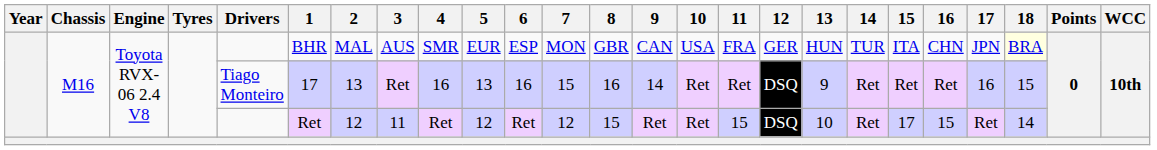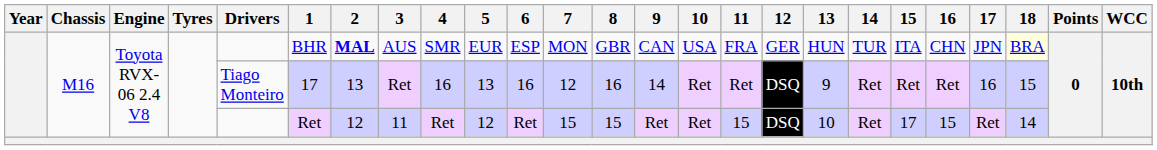 <table class="wikitable" style="text-align:center; font-size:85%">
 <tr>
 <th>Year</th>
 <th>Chassis</th>
 <th>Engine</th>
 <th>Tyres</th>
 <th>Drivers</th>
 <th>1</th>
 <th>2</th>
 <th>3</th>
 <th>4</th>
 <th>5</th>
 <th>6</th>
 <th>7</th>
 <th>8</th>
 <th>9</th>
 <th>10</th>
 <th>11</th>
 <th>12</th>
 <th>13</th>
 <th>14</th>
 <th>15</th>
 <th>16</th>
 <th>17</th>
 <th>18</th>
 <th>Points</th>
 <th>WCC</th>
 </tr>
 <tr>
 <th rowspan="3"></th>
 <td rowspan="3"><a href='#'>M16</a></td>
 <td rowspan="3"><a href='#'>Toyota</a> RVX-06 2.4 <a href='#'>V8</a></td>
 <td rowspan="3"></td>
 <td></td>
 <td><a href='#'>BHR</a></td>
-<td><a href='#'>MAL</a></td>
+<td><strong><a href='#'>MAL</a></strong></td>
 <td><a href='#'>AUS</a></td>
 <td><a href='#'>SMR</a></td>
 <td><a href='#'>EUR</a></td>
 <td><a href='#'>ESP</a></td>
 <td><a href='#'>MON</a></td>
 <td><a href='#'>GBR</a></td>
 <td><a href='#'>CAN</a></td>
 <td><a href='#'>USA</a></td>
 <td><a href='#'>FRA</a></td>
 <td><a href='#'>GER</a></td>
 <td><a href='#'>HUN</a></td>
 <td><a href='#'>TUR</a></td>
 <td><a href='#'>ITA</a></td>
 <td><a href='#'>CHN</a></td>
 <td><a href='#'>JPN</a></td>
 <td style="background: lightyellow;"><a href='#'>BRA</a></td>
 <th rowspan="3">0</th>
 <th rowspan="3">10th</th>
 </tr>
 <tr>
 <td align="left"> <a href='#'>Tiago Monteiro</a></td>
 <td style="background:#CFCFFF;">17</td>
 <td style="background:#CFCFFF;">13</td>
 <td style="background:#EFCFFF;">Ret</td>
 <td style="background:#CFCFFF;">16</td>
 <td style="background:#CFCFFF;">13</td>
 <td style="background:#CFCFFF;">16</td>
-<td style="background:#CFCFFF;">15</td>
+<td style="background:#CFCFFF;">12</td>
 <td style="background:#CFCFFF;">16</td>
 <td style="background:#CFCFFF;">14</td>
 <td style="background:#EFCFFF;">Ret</td>
 <td style="background:#EFCFFF;">Ret</td>
 <td style="background:#000000; color:white">DSQ</td>
 <td style="background:#CFCFFF;">9</td>
 <td style="background:#EFCFFF;">Ret</td>
 <td style="background:#EFCFFF;">Ret</td>
 <td style="background:#EFCFFF;">Ret</td>
 <td style="background:#CFCFFF;">16</td>
 <td style="background:#CFCFFF;">15</td>
 </tr>
 <tr>
 <td align="left"></td>
 <td style="background:#EFCFFF;">Ret</td>
 <td style="background:#CFCFFF;">12</td>
 <td style="background:#CFCFFF;">11</td>
 <td style="background:#EFCFFF;">Ret</td>
 <td style="background:#CFCFFF;">12</td>
 <td style="background:#EFCFFF;">Ret</td>
-<td style="background:#CFCFFF;">12</td>
+<td style="background:#CFCFFF;">15</td>
 <td style="background:#CFCFFF;">15</td>
 <td style="background:#EFCFFF;">Ret</td>
 <td style="background:#EFCFFF;">Ret</td>
 <td style="background:#CFCFFF;">15</td>
 <td style="background:#000000; color:white">DSQ</td>
 <td style="background:#CFCFFF;">10</td>
 <td style="background:#EFCFFF;">Ret</td>
 <td style="background:#CFCFFF;">17</td>
 <td style="background:#CFCFFF;">15</td>
 <td style="background:#EFCFFF;">Ret</td>
 <td style="background:#CFCFFF;">14</td>
 </tr>
 <tr>
 <th colspan="25"></th>
 </tr>
 </table>
